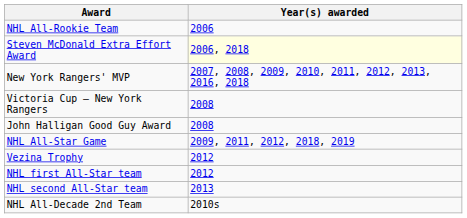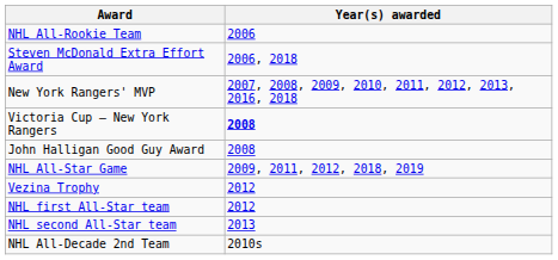 <table class="wikitable">
 <tr>
 <th>Award</th>
 <th>Year(s) awarded</th>
 </tr>
 <tr>
 <td><a href='#'>NHL All-Rookie Team</a></td>
 <td><a href='#'>2006</a></td>
 </tr>
 <tr>
 <td><a href='#'>Steven McDonald Extra Effort Award</a></td>
-<td style="background: lightyellow;"><a href='#'>2006</a>, <a href='#'>2018</a></td>
+<td><a href='#'>2006</a>, <a href='#'>2018</a></td>
 </tr>
 <tr>
 <td>New York Rangers' MVP</td>
 <td><a href='#'>2007</a>, <a href='#'>2008</a>, <a href='#'>2009</a>, <a href='#'>2010</a>, <a href='#'>2011</a>, <a href='#'>2012</a>, <a href='#'>2013</a>, <a href='#'>2016</a>, <a href='#'>2018</a></td>
 </tr>
 <tr>
 <td>Victoria Cup – New York Rangers</td>
-<td><a href='#'>2008</a></td>
+<td><strong><a href='#'>2008</a></strong></td>
 </tr>
 <tr>
 <td>John Halligan Good Guy Award</td>
 <td><a href='#'>2008</a></td>
 </tr>
 <tr>
 <td><a href='#'>NHL All-Star Game</a></td>
 <td><a href='#'>2009</a>, <a href='#'>2011</a>, <a href='#'>2012</a>, <a href='#'>2018</a>, <a href='#'>2019</a></td>
 </tr>
 <tr>
 <td><a href='#'>Vezina Trophy</a></td>
 <td><a href='#'>2012</a></td>
 </tr>
 <tr>
 <td><a href='#'>NHL first All-Star team</a></td>
 <td><a href='#'>2012</a></td>
 </tr>
 <tr>
 <td><a href='#'>NHL second All-Star team</a></td>
 <td><a href='#'>2013</a></td>
 </tr>
 <tr>
 <td>NHL All-Decade 2nd Team</td>
 <td>2010s</td>
 </tr>
 </table>
